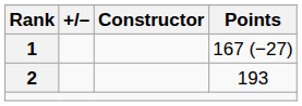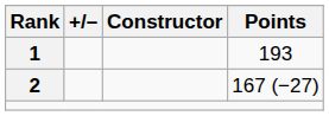 <table class="wikitable sortable" style="font-size: 95%;">
 <tr>
 </tr>
 <tr>
 <th scope="col">Rank</th>
 <th scope="col">+/–</th>
 <th scope="col">Constructor</th>
 <th scope="col">Points</th>
 </tr>
 <tr>
 <th scope="row">1</th>
 <td align="left"></td>
 <td></td>
-<td align="center">167 (−27)</td>
+<td align="center">193</td>
 </tr>
 <tr>
 <th scope="row">2</th>
 <td align="left"></td>
 <td></td>
-<td align="center">193</td>
+<td align="center">167 (−27)</td>
 </tr>
 <tr class="sortbottom">
 <td colspan="9"></td>
 </tr>
 </table>
